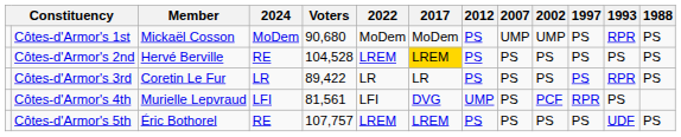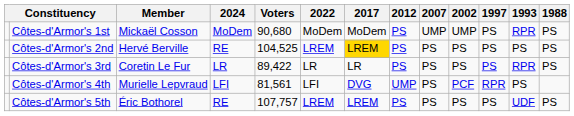 <table class="wikitable sortable">
 <tr>
 <th colspan="2">Constituency</th>
 <th>Member</th>
 <th>2024</th>
 <th>Voters</th>
 <th>2022</th>
 <th>2017</th>
 <th>2012</th>
 <th>2007</th>
 <th>2002</th>
 <th>1997</th>
 <th>1993</th>
 <th>1988</th>
 </tr>
 <tr>
 <td style="background-color: "></td>
 <td><a href='#'>Côtes-d'Armor's 1st</a></td>
 <td><a href='#'>Mickaël Cosson</a></td>
 <td><a href='#'>MoDem</a></td>
 <td>90,680</td>
 <td>MoDem</td>
 <td>MoDem</td>
 <td bgcolor=><a href='#'>PS</a></td>
 <td bgcolor=>UMP</td>
 <td bgcolor=>UMP</td>
 <td bgcolor=>PS</td>
 <td bgcolor=><a href='#'>RPR</a></td>
 <td bgcolor=>PS</td>
 </tr>
 <tr>
 <td style="background-color: "></td>
 <td><a href='#'>Côtes-d'Armor's 2nd</a></td>
 <td><a href='#'>Hervé Berville</a></td>
 <td><a href='#'>RE</a></td>
-<td>104,528</td>
+<td>104,525</td>
 <td><a href='#'>LREM</a></td>
 <td style="background: gold;">LREM</td>
 <td bgcolor=><a href='#'>PS</a></td>
 <td bgcolor=>PS</td>
 <td bgcolor=>PS</td>
 <td bgcolor=>PS</td>
 <td bgcolor=>PS</td>
 <td bgcolor=>PS</td>
 </tr>
 <tr>
 <td style="background-color: "></td>
 <td><a href='#'>Côtes-d'Armor's 3rd</a></td>
 <td><a href='#'>Coretin Le Fur</a></td>
 <td><a href='#'>LR</a></td>
 <td>89,422</td>
 <td>LR</td>
 <td>LR</td>
 <td bgcolor=><a href='#'>PS</a></td>
 <td bgcolor=>PS</td>
 <td bgcolor=>PS</td>
 <td bgcolor=><a href='#'>PS</a></td>
 <td bgcolor=><a href='#'>RPR</a></td>
 <td bgcolor=>PS</td>
 </tr>
 <tr>
 <td style="background-color: "></td>
 <td><a href='#'>Côtes-d'Armor's 4th</a></td>
 <td><a href='#'>Murielle Lepvraud</a></td>
 <td><a href='#'>LFI</a></td>
 <td>81,561</td>
 <td>LFI</td>
 <td bgcolor=><a href='#'>DVG</a></td>
 <td bgcolor=><a href='#'>UMP</a></td>
 <td bgcolor=>PS</td>
 <td bgcolor=><a href='#'>PCF</a></td>
 <td bgcolor=><a href='#'>RPR</a></td>
 <td bgcolor=>PS</td>
 </tr>
 <tr>
 <td style="background-color: "></td>
 <td><a href='#'>Côtes-d'Armor's 5th</a></td>
 <td><a href='#'>Éric Bothorel</a></td>
 <td><a href='#'>RE</a></td>
 <td>107,757</td>
 <td><a href='#'>LREM</a></td>
 <td><a href='#'>LREM</a></td>
 <td bgcolor=><a href='#'>PS</a></td>
 <td bgcolor=>PS</td>
 <td bgcolor=>PS</td>
 <td bgcolor=>PS</td>
 <td bgcolor=><a href='#'>UDF</a></td>
 <td bgcolor=>PS</td>
 </tr>
 </table>
